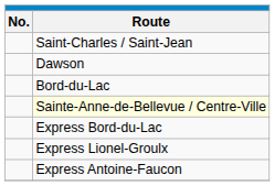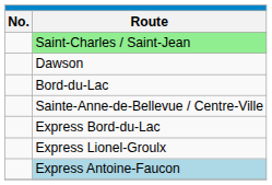 <table align=center class="wikitable">
 <tr>
 <th style="background: #0085CA; font-size:100%; color:#FFFFFF;"colspan="4"><a href='#'></a></th>
 </tr>
 <tr>
 <th>No.</th>
 <th>Route</th>
 </tr>
 <tr>
 <td></td>
-<td>Saint-Charles / Saint-Jean</td>
+<td style="background: lightgreen;">Saint-Charles / Saint-Jean</td>
 </tr>
 <tr>
 <td></td>
 <td>Dawson</td>
 </tr>
 <tr>
 <td></td>
 <td>Bord-du-Lac</td>
 </tr>
 <tr>
 <td {{Avoid wrap> </td>
-<td style="background: lightyellow;">Sainte-Anne-de-Bellevue / Centre-Ville</td>
+<td>Sainte-Anne-de-Bellevue / Centre-Ville</td>
 </tr>
 <tr>
 <td></td>
 <td>Express Bord-du-Lac</td>
 </tr>
 <tr>
 <td></td>
 <td>Express Lionel-Groulx</td>
 </tr>
 <tr>
 <td></td>
-<td>Express Antoine-Faucon</td>
+<td style="background: lightblue;">Express Antoine-Faucon</td>
 </tr>
 <tr>
 </tr>
 </table>
